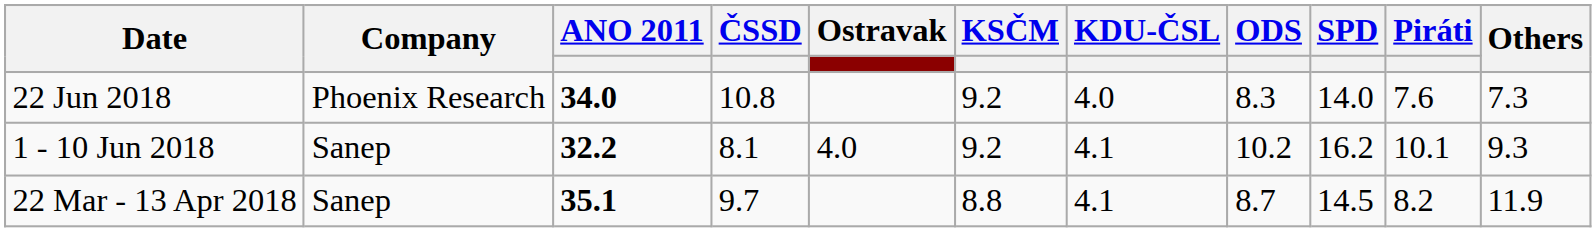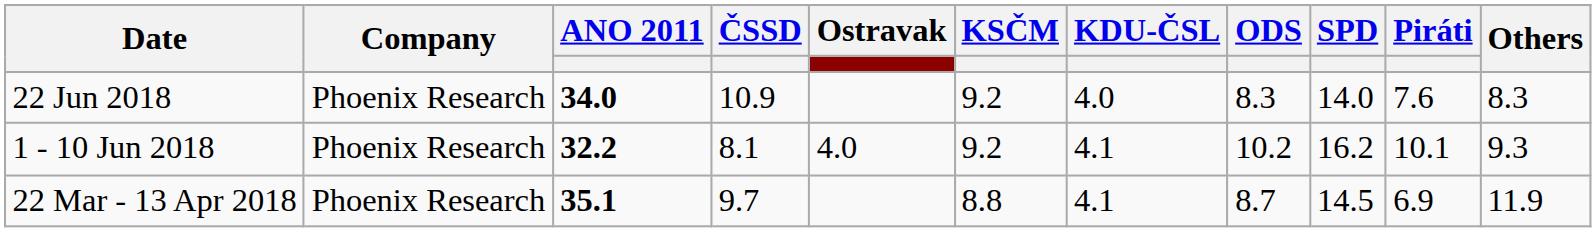 <table class="wikitable" style="text-align:left;">
 <tr>
 <th rowspan="2">Date</th>
 <th rowspan="2">Company</th>
 <th><a href='#'>ANO 2011</a></th>
 <th><a href='#'>ČSSD</a></th>
 <th>Ostravak</th>
 <th><a href='#'>KSČM</a></th>
 <th><a href='#'>KDU-ČSL</a></th>
 <th><a href='#'>ODS</a></th>
 <th style="width:30px"><a href='#'>SPD</a></th>
 <th><a href='#'>Piráti</a></th>
 <th class="unsortable" style="width:40px;" rowspan="2">Others</th>
 </tr>
 <tr>
 <th style="background:"></th>
 <th style="background:"></th>
 <th style="background:#8b0000; width:40px;"></th>
 <th style="background:"></th>
 <th style="background:"></th>
 <th style="background:"></th>
 <th style="background:"></th>
 <th style="background:"></th>
 </tr>
 <tr>
 <td>22 Jun 2018</td>
 <td>Phoenix Research</td>
 <td><strong>34.0</strong></td>
-<td>10.8</td>
+<td>10.9</td>
 <td></td>
 <td>9.2</td>
 <td>4.0</td>
 <td>8.3</td>
 <td>14.0</td>
 <td>7.6</td>
-<td>7.3</td>
+<td>8.3</td>
 </tr>
 <tr>
 <td>1 - 10 Jun 2018</td>
-<td>Sanep</td>
+<td>Phoenix Research</td>
 <td><strong>32.2</strong></td>
 <td>8.1</td>
 <td>4.0</td>
 <td>9.2</td>
 <td>4.1</td>
 <td>10.2</td>
 <td>16.2</td>
 <td>10.1</td>
 <td>9.3</td>
 </tr>
 <tr>
 <td>22 Mar - 13 Apr 2018</td>
-<td>Sanep</td>
+<td>Phoenix Research</td>
 <td><strong>35.1</strong></td>
 <td>9.7</td>
 <td></td>
 <td>8.8</td>
 <td>4.1</td>
 <td>8.7</td>
 <td>14.5</td>
-<td>8.2</td>
+<td>6.9</td>
 <td>11.9</td>
 </tr>
 </table>
